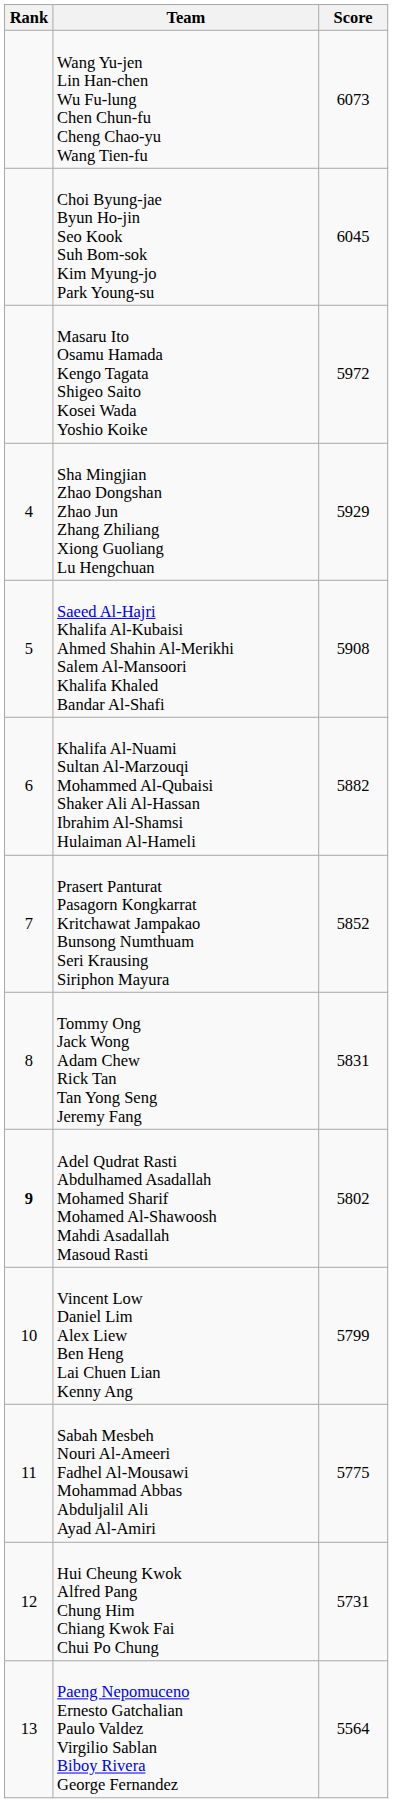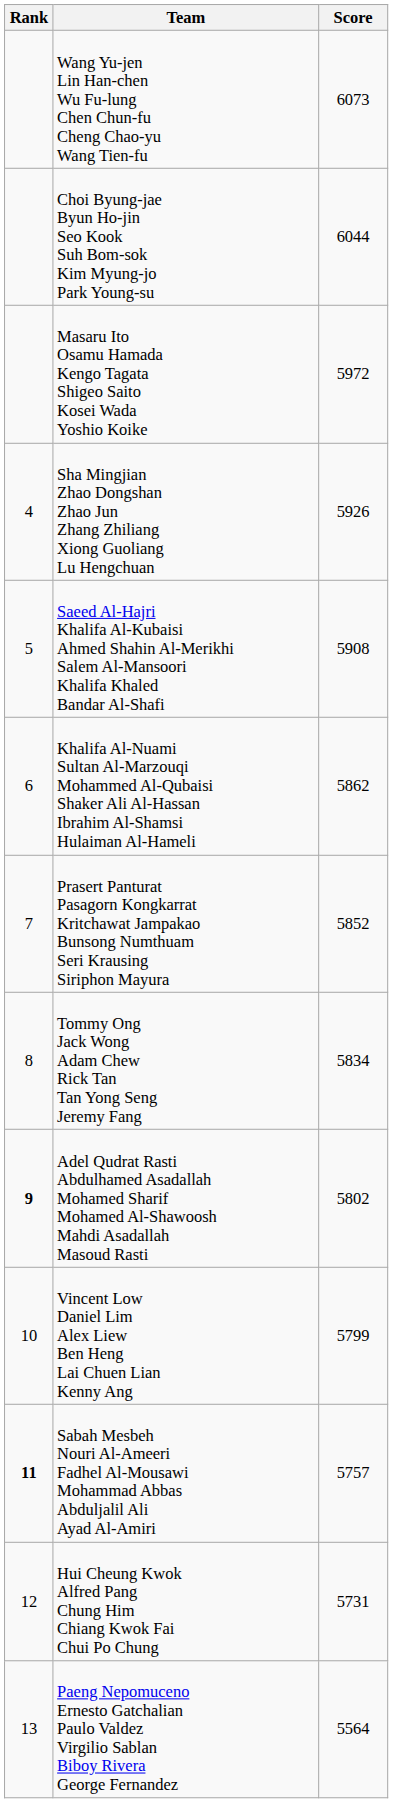 <table class=wikitable style="text-align:center">
 <tr>
 <th width=40>Rank</th>
 <th width=250>Team</th>
 <th width=60>Score</th>
 </tr>
 <tr>
 <td></td>
 <td align=left><br>Wang Yu-jen<br>Lin Han-chen<br>Wu Fu-lung<br>Chen Chun-fu<br>Cheng Chao-yu<br>Wang Tien-fu</td>
 <td>6073</td>
 </tr>
 <tr>
 <td></td>
 <td align=left><br>Choi Byung-jae<br>Byun Ho-jin<br>Seo Kook<br>Suh Bom-sok<br>Kim Myung-jo<br>Park Young-su</td>
-<td>6045</td>
+<td>6044</td>
 </tr>
 <tr>
 <td></td>
 <td align=left><br>Masaru Ito<br>Osamu Hamada<br>Kengo Tagata<br>Shigeo Saito<br>Kosei Wada<br>Yoshio Koike</td>
 <td>5972</td>
 </tr>
 <tr>
 <td>4</td>
 <td align=left><br>Sha Mingjian<br>Zhao Dongshan<br>Zhao Jun<br>Zhang Zhiliang<br>Xiong Guoliang<br>Lu Hengchuan</td>
-<td>5929</td>
+<td>5926</td>
 </tr>
 <tr>
 <td>5</td>
 <td align=left><br><a href='#'>Saeed Al-Hajri</a><br>Khalifa Al-Kubaisi<br>Ahmed Shahin Al-Merikhi<br>Salem Al-Mansoori<br>Khalifa Khaled<br>Bandar Al-Shafi</td>
 <td>5908</td>
 </tr>
 <tr>
 <td>6</td>
 <td align=left><br>Khalifa Al-Nuami<br>Sultan Al-Marzouqi<br>Mohammed Al-Qubaisi<br>Shaker Ali Al-Hassan<br>Ibrahim Al-Shamsi<br>Hulaiman Al-Hameli</td>
-<td>5882</td>
+<td>5862</td>
 </tr>
 <tr>
 <td>7</td>
 <td align=left><br>Prasert Panturat<br>Pasagorn Kongkarrat<br>Kritchawat Jampakao<br>Bunsong Numthuam<br>Seri Krausing<br>Siriphon Mayura</td>
 <td>5852</td>
 </tr>
 <tr>
 <td>8</td>
 <td align=left><br>Tommy Ong<br>Jack Wong<br>Adam Chew<br>Rick Tan<br>Tan Yong Seng<br>Jeremy Fang</td>
-<td>5831</td>
+<td>5834</td>
 </tr>
 <tr>
 <td><strong>9</strong></td>
 <td align=left><br>Adel Qudrat Rasti<br>Abdulhamed Asadallah<br>Mohamed Sharif<br>Mohamed Al-Shawoosh<br>Mahdi Asadallah<br>Masoud Rasti</td>
 <td>5802</td>
 </tr>
 <tr>
 <td>10</td>
 <td align=left><br>Vincent Low<br>Daniel Lim<br>Alex Liew<br>Ben Heng<br>Lai Chuen Lian<br>Kenny Ang</td>
 <td>5799</td>
 </tr>
 <tr>
-<td>11</td>
+<td><strong>11</strong></td>
 <td align=left><br>Sabah Mesbeh<br>Nouri Al-Ameeri<br>Fadhel Al-Mousawi<br>Mohammad Abbas<br>Abduljalil Ali<br>Ayad Al-Amiri</td>
-<td>5775</td>
+<td>5757</td>
 </tr>
 <tr>
 <td>12</td>
 <td align=left><br>Hui Cheung Kwok<br>Alfred Pang<br>Chung Him<br>Chiang Kwok Fai<br>Chui Po Chung</td>
 <td>5731</td>
 </tr>
 <tr>
 <td>13</td>
 <td align=left><br><a href='#'>Paeng Nepomuceno</a><br>Ernesto Gatchalian<br>Paulo Valdez<br>Virgilio Sablan<br><a href='#'>Biboy Rivera</a><br>George Fernandez</td>
 <td>5564</td>
 </tr>
 </table>
